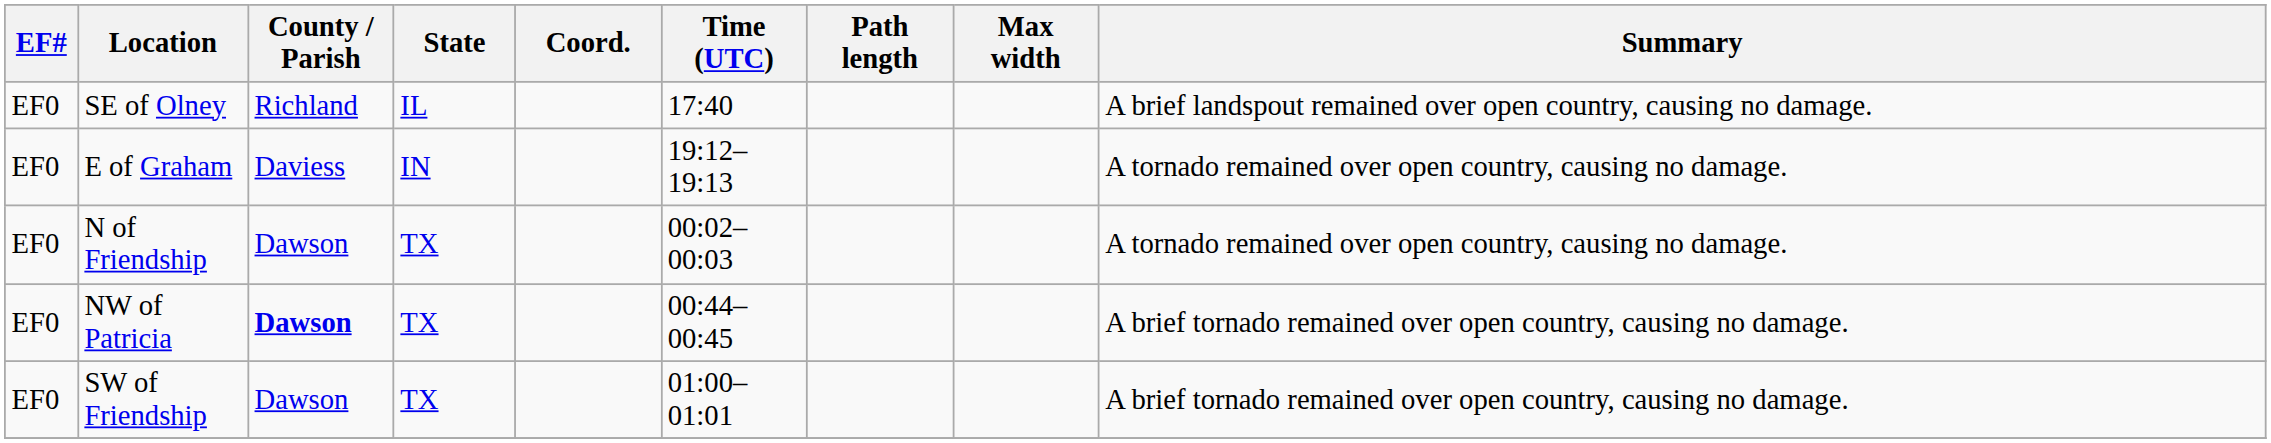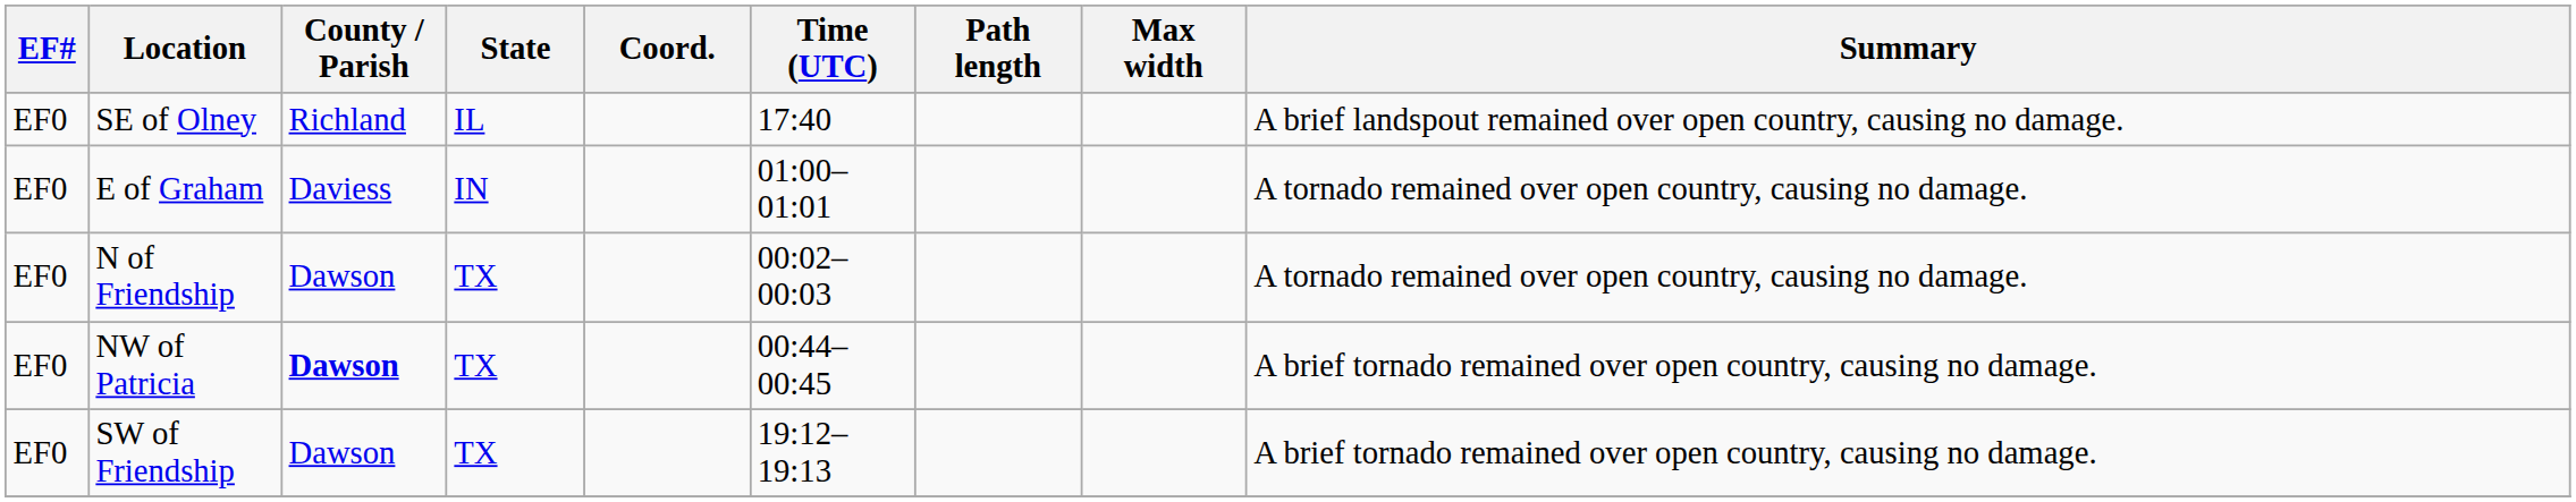 <table class="wikitable sortable" style="width:100%;">
 <tr>
 <th scope="col" width="3%" align="center"><a href='#'>EF#</a></th>
 <th scope="col" width="7%" align="center" class="unsortable">Location</th>
 <th scope="col" width="6%" align="center" class="unsortable">County / Parish</th>
 <th scope="col" width="5%" align="center">State</th>
 <th scope="col" width="6%" align="center">Coord.</th>
 <th scope="col" width="6%" align="center">Time (<a href='#'>UTC</a>)</th>
 <th scope="col" width="6%" align="center">Path length</th>
 <th scope="col" width="6%" align="center">Max width</th>
 <th scope="col" width="48%" class="unsortable" align="center">Summary</th>
 </tr>
 <tr>
 <td>EF0</td>
 <td>SE of <a href='#'>Olney</a></td>
 <td><a href='#'>Richland</a></td>
 <td><a href='#'>IL</a></td>
 <td></td>
 <td>17:40</td>
 <td></td>
 <td></td>
 <td>A brief landspout remained over open country, causing no damage.</td>
 </tr>
 <tr>
 <td>EF0</td>
 <td>E of <a href='#'>Graham</a></td>
 <td><a href='#'>Daviess</a></td>
 <td><a href='#'>IN</a></td>
 <td></td>
-<td>19:12–19:13</td>
+<td>01:00–01:01</td>
 <td></td>
 <td></td>
 <td>A tornado remained over open country, causing no damage.</td>
 </tr>
 <tr>
 <td>EF0</td>
 <td>N of <a href='#'>Friendship</a></td>
 <td><a href='#'>Dawson</a></td>
 <td><a href='#'>TX</a></td>
 <td></td>
 <td>00:02–00:03</td>
 <td></td>
 <td></td>
 <td>A tornado remained over open country, causing no damage.</td>
 </tr>
 <tr>
 <td>EF0</td>
 <td>NW of <a href='#'>Patricia</a></td>
 <td><strong><a href='#'>Dawson</a></strong></td>
 <td><a href='#'>TX</a></td>
 <td></td>
 <td>00:44–00:45</td>
 <td></td>
 <td></td>
 <td>A brief tornado remained over open country, causing no damage.</td>
 </tr>
 <tr>
 <td>EF0</td>
 <td>SW of <a href='#'>Friendship</a></td>
 <td><a href='#'>Dawson</a></td>
 <td><a href='#'>TX</a></td>
 <td></td>
-<td>01:00–01:01</td>
+<td>19:12–19:13</td>
 <td></td>
 <td></td>
 <td>A brief tornado remained over open country, causing no damage.</td>
 </tr>
 <tr>
 </tr>
 </table>
